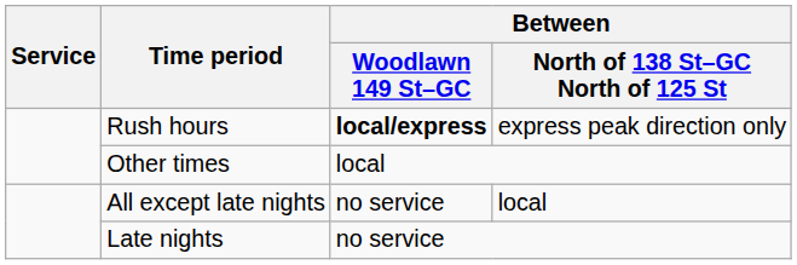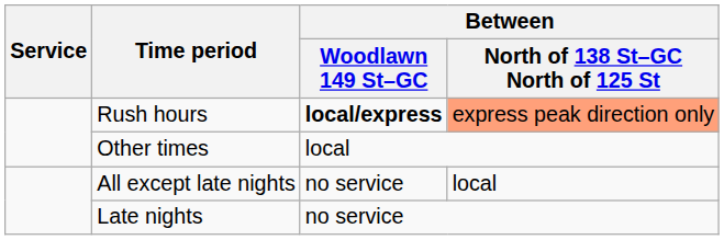 <table class="wikitable">
 <tr>
 <th rowspan=2>Service</th>
 <th rowspan=2>Time period</th>
 <th colspan=2>Between</th>
 </tr>
 <tr>
 <th><a href='#'>Woodlawn</a><br><a href='#'>149 St–GC</a></th>
 <th>North of <a href='#'>138 St–GC</a><br>North of <a href='#'>125 St</a></th>
 </tr>
 <tr>
 <td rowspan=2></td>
 <td>Rush hours</td>
 <td><strong>local/express</strong></td>
-<td>express peak direction only</td>
+<td style="background: lightsalmon;">express peak direction only</td>
 </tr>
 <tr>
 <td>Other times</td>
 <td colspan=2>local</td>
 </tr>
 <tr>
 <td rowspan=2></td>
 <td>All except late nights</td>
 <td>no service</td>
 <td>local</td>
 </tr>
 <tr>
 <td>Late nights</td>
 <td colspan=2>no service</td>
 </tr>
 </table>
